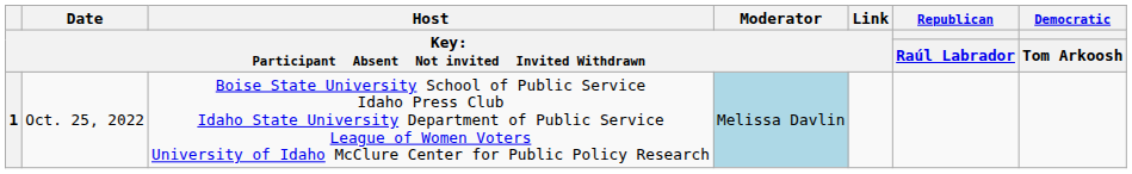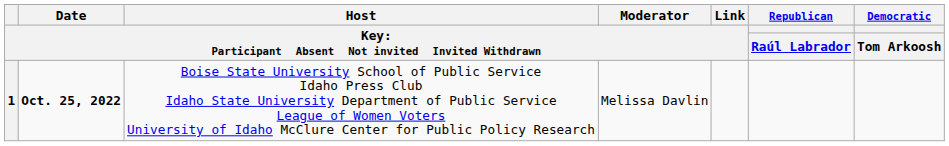 <table class="wikitable" style="text-align:center;">
 <tr>
 <th scope="col"></th>
 <th scope="col">Date</th>
 <th scope="col">Host</th>
 <th scope="col">Moderator</th>
 <th scope="col">Link</th>
 <th scope="col"><small><a href='#'>Republican</a></small></th>
 <th scope="col"><small><a href='#'>Democratic</a></small></th>
 </tr>
 <tr>
 <th colspan="5" rowspan="2">Key:<br> <small>Participant </small>  <small>Absent </small>  <small>Not invited </small>  <small>Invited  Withdrawn</small></th>
 <th scope="col" style="background:"></th>
 <th scope="col" style="background:"></th>
 </tr>
 <tr>
 <th scope="col"><a href='#'>Raúl Labrador</a></th>
 <th scope="col">Tom Arkoosh</th>
 </tr>
 <tr>
 <th>1</th>
-<td style="white-space:nowrap;">Oct. 25, 2022</td>
+<td style="white-space:nowrap;"><strong>Oct. 25, 2022</strong></td>
 <td style="white-space:nowrap;"><a href='#'>Boise State University</a> School of Public Service<br>Idaho Press Club<br><a href='#'>Idaho State University</a> Department of Public Service<br><a href='#'>League of Women Voters</a><br><a href='#'>University of Idaho</a> McClure Center for Public Policy Research</td>
-<td style="background: lightblue; white-space:nowrap;">Melissa Davlin</td>
+<td style="white-space:nowrap;">Melissa Davlin</td>
 <td style="white-space:nowrap;"></td>
 <td></td>
 <td></td>
 </tr>
 </table>
